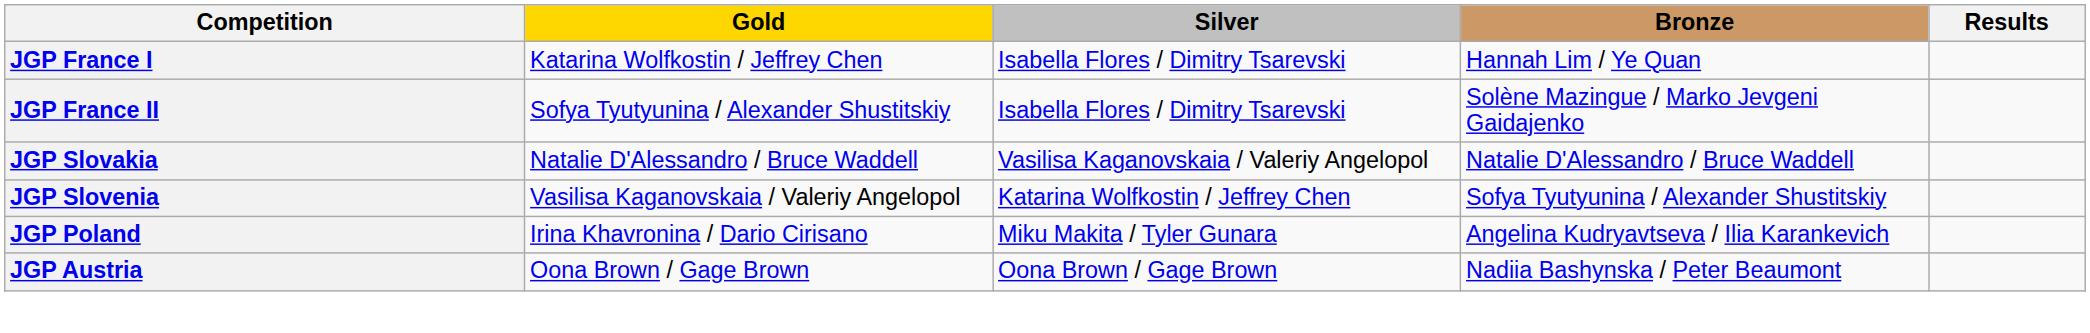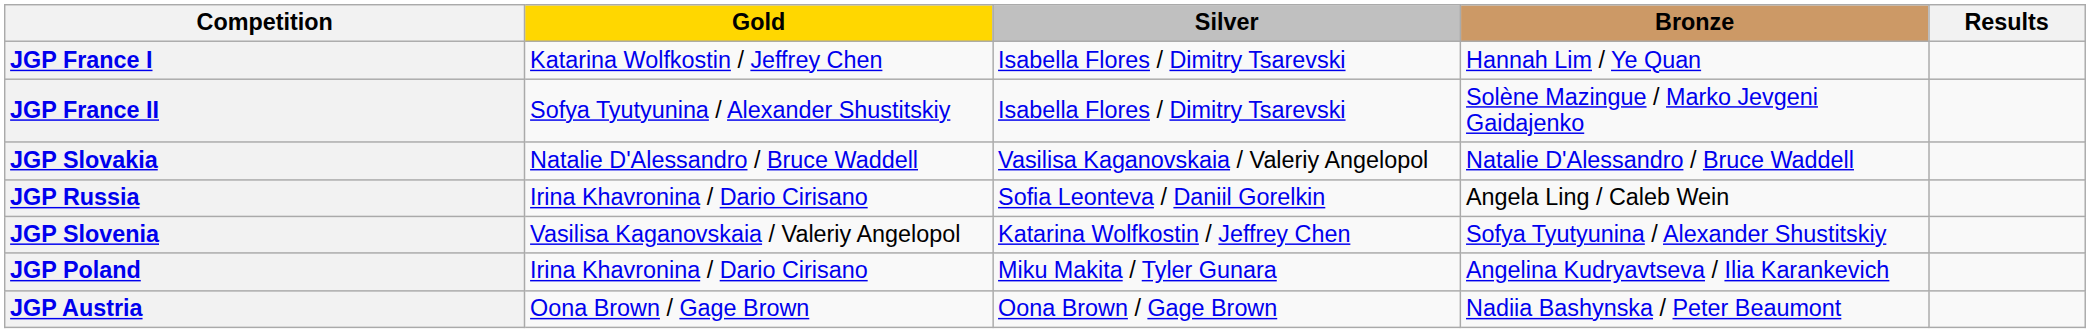 <table class="wikitable unsortable" style="text-align:left; width:90%">
 <tr>
 <th scope="col" style="text-align:center; width:25%;">Competition</th>
 <td scope="col" style="text-align:center; width:22.5%; background:gold"><strong>Gold</strong></td>
 <td scope="col" style="text-align:center; width:22.5%; background:silver"><strong>Silver</strong></td>
 <td scope="col" style="text-align:center; width:22.5%; background:#c96"><strong>Bronze</strong></td>
 <th scope="col" style="text-align:center; width:7.5%;">Results</th>
 </tr>
 <tr>
 <th scope="row" style="text-align:left"> <a href='#'>JGP France I</a></th>
 <td> <a href='#'>Katarina Wolfkostin</a> / <a href='#'>Jeffrey Chen</a></td>
 <td> <a href='#'>Isabella Flores</a> / <a href='#'>Dimitry Tsarevski</a></td>
 <td> <a href='#'>Hannah Lim</a> / <a href='#'>Ye Quan</a></td>
 <td></td>
 </tr>
 <tr>
 <th scope="row" style="text-align:left"> <a href='#'>JGP France II</a></th>
 <td> <a href='#'>Sofya Tyutyunina</a> / <a href='#'>Alexander Shustitskiy</a></td>
 <td> <a href='#'>Isabella Flores</a> / <a href='#'>Dimitry Tsarevski</a></td>
 <td> <a href='#'>Solène Mazingue</a> / <a href='#'>Marko Jevgeni Gaidajenko</a></td>
 <td></td>
 </tr>
 <tr>
 <th scope="row" style="text-align:left"> <a href='#'>JGP Slovakia</a></th>
 <td> <a href='#'>Natalie D'Alessandro</a> / <a href='#'>Bruce Waddell</a></td>
 <td> <a href='#'>Vasilisa Kaganovskaia</a> / Valeriy Angelopol</td>
 <td> <a href='#'>Natalie D'Alessandro</a> / <a href='#'>Bruce Waddell</a></td>
 <td></td>
 </tr>
 <tr>
+<th scope="row" style="text-align:left"> <a href='#'>JGP Russia</a></th>
+<td> <a href='#'>Irina Khavronina</a> / <a href='#'>Dario Cirisano</a></td>
+<td> <a href='#'>Sofia Leonteva</a> / <a href='#'>Daniil Gorelkin</a></td>
+<td> Angela Ling / Caleb Wein</td>
+<td></td>
+</tr>
+<tr>
 <th scope="row" style="text-align:left"> <a href='#'>JGP Slovenia</a></th>
 <td> <a href='#'>Vasilisa Kaganovskaia</a> / Valeriy Angelopol</td>
 <td> <a href='#'>Katarina Wolfkostin</a> / <a href='#'>Jeffrey Chen</a></td>
 <td> <a href='#'>Sofya Tyutyunina</a> / <a href='#'>Alexander Shustitskiy</a></td>
 <td></td>
 </tr>
 <tr>
 <th scope="row" style="text-align:left"> <a href='#'>JGP Poland</a></th>
 <td> <a href='#'>Irina Khavronina</a> / <a href='#'>Dario Cirisano</a></td>
 <td> <a href='#'>Miku Makita</a> / <a href='#'>Tyler Gunara</a></td>
 <td> <a href='#'>Angelina Kudryavtseva</a> / <a href='#'>Ilia Karankevich</a></td>
 <td></td>
 </tr>
 <tr>
 <th scope="row" style="text-align:left"> <a href='#'>JGP Austria</a></th>
 <td> <a href='#'>Oona Brown</a> / <a href='#'>Gage Brown</a></td>
 <td> <a href='#'>Oona Brown</a> / <a href='#'>Gage Brown</a></td>
 <td> <a href='#'>Nadiia Bashynska</a> / <a href='#'>Peter Beaumont</a></td>
 <td></td>
 </tr>
 </table>
